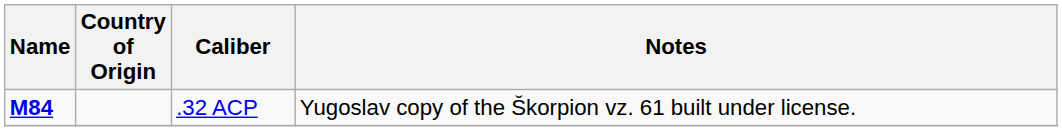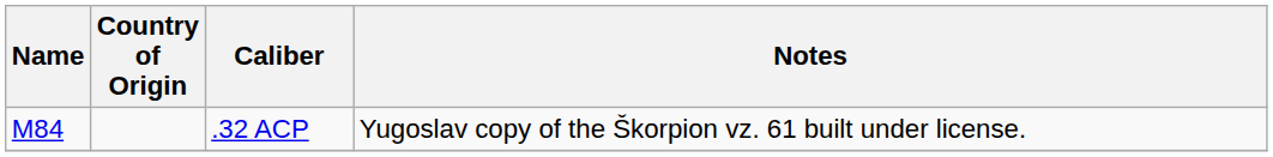 <table class="wikitable" width="60%" border="0">
 <tr>
 <th width="5%">Name</th>
 <th width="5%">Country of Origin</th>
 <th>Caliber</th>
 <th>Notes</th>
 </tr>
 <tr>
-<td><strong><a href='#'>M84</a></strong></td>
+<td><a href='#'>M84</a></td>
 <td></td>
 <td><a href='#'>.32 ACP</a></td>
 <td>Yugoslav copy of the Škorpion vz. 61 built under license.</td>
 </tr>
 <tr>
 </tr>
 </table>
